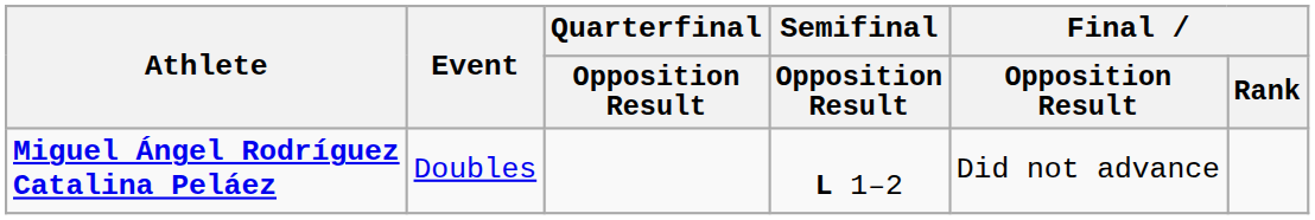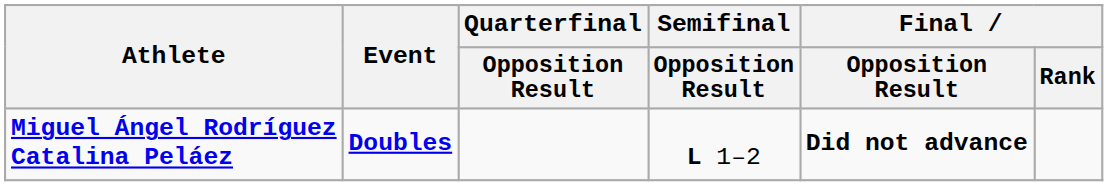 <table class=wikitable style=font-size:90%>
 <tr>
 <th rowspan=2>Athlete</th>
 <th rowspan=2>Event</th>
 <th>Quarterfinal</th>
 <th>Semifinal</th>
 <th colspan=2>Final / </th>
 </tr>
 <tr style=font-size:95%>
 <th>Opposition<br>Result</th>
 <th>Opposition<br>Result</th>
 <th>Opposition<br>Result</th>
 <th>Rank</th>
 </tr>
 <tr align=center>
 <td align=left><strong><a href='#'>Miguel Ángel Rodríguez</a><br><a href='#'>Catalina Peláez</a></strong></td>
-<td align=left><a href='#'>Doubles</a></td>
+<td align=left><strong><a href='#'>Doubles</a></strong></td>
 <td></td>
 <td><br><strong>L</strong> 1–2</td>
-<td>Did not advance</td>
+<td><strong>Did not advance</strong></td>
 <td></td>
 </tr>
 </table>
